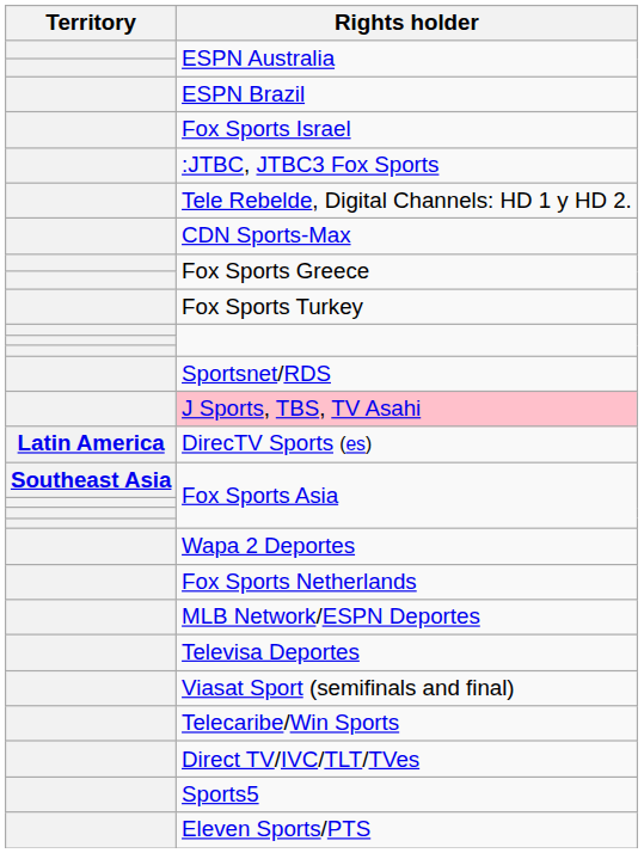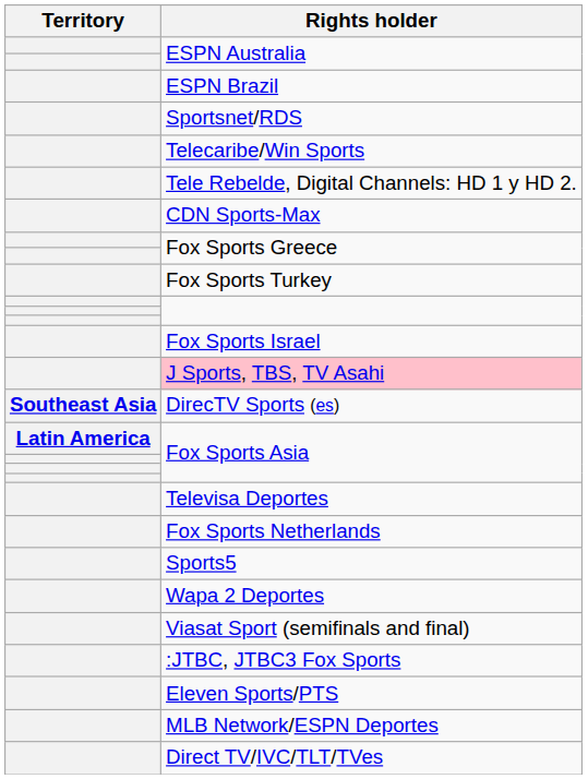 <table class="wikitable plainrowheaders">
 <tr>
 <th scope="col">Territory</th>
 <th scope="col">Rights holder</th>
 </tr>
 <tr>
 <th scope="row"></th>
 <td rowspan="2"><a href='#'>ESPN Australia</a></td>
 </tr>
 <tr>
 <th scope="row"></th>
 </tr>
 <tr>
 <th scope="row"></th>
 <td><a href='#'>ESPN Brazil</a></td>
 </tr>
 <tr>
 <th scope="row"></th>
-<td><a href='#'>Fox Sports Israel</a></td>
+<td><a href='#'>Sportsnet</a>/<a href='#'>RDS</a></td>
 </tr>
 <tr>
 <th scope="row"></th>
-<td><a href='#'>:JTBC</a>, <a href='#'>JTBC3 Fox Sports</a></td>
+<td><a href='#'>Telecaribe</a>/<a href='#'>Win Sports</a></td>
 </tr>
 <tr>
 <th scope="row"></th>
 <td><a href='#'>Tele Rebelde</a>, Digital Channels: HD 1 y HD 2.</td>
 </tr>
 <tr>
 <th scope="row"></th>
 <td><a href='#'>CDN Sports-Max</a></td>
 </tr>
 <tr>
 <th scope="row"></th>
 <td rowspan="2">Fox Sports Greece</td>
 </tr>
 <tr>
 <th scope="row"></th>
 </tr>
 <tr>
 <th scope="row"></th>
 <td>Fox Sports Turkey</td>
 </tr>
 <tr>
 <th scope="row"></th>
 <td rowspan="3"></td>
 </tr>
 <tr>
 <th scope="row"></th>
 </tr>
 <tr>
 <th scope="row"></th>
 </tr>
 <tr>
 <th scope="row"></th>
-<td><a href='#'>Sportsnet</a>/<a href='#'>RDS</a></td>
+<td><a href='#'>Fox Sports Israel</a></td>
 </tr>
 <tr>
 <th scope="row"></th>
 <td style="background: pink;"><a href='#'>J Sports</a>, <a href='#'>TBS</a>, <a href='#'>TV Asahi</a></td>
 </tr>
 <tr>
-<th scope="row"><a href='#'>Latin America</a></th>
+<th scope="row"><a href='#'>Southeast Asia</a></th>
 <td><a href='#'>DirecTV Sports</a> <small>(<a href='#'>es</a>)</small></td>
 </tr>
 <tr>
-<th scope="row"><a href='#'>Southeast Asia</a></th>
+<th scope="row"><a href='#'>Latin America</a></th>
 <td rowspan="4"><a href='#'>Fox Sports Asia</a></td>
 </tr>
 <tr>
 <th scope="row"></th>
 </tr>
 <tr>
 <th scope="row"></th>
 </tr>
 <tr>
 <th scope="row"></th>
 </tr>
 <tr>
 <th scope="row"></th>
-<td><a href='#'>Wapa 2 Deportes</a></td>
+<td><a href='#'>Televisa Deportes</a></td>
 </tr>
 <tr>
 <th scope="row"></th>
 <td><a href='#'>Fox Sports Netherlands</a></td>
 </tr>
 <tr>
 <th scope="row"></th>
-<td><a href='#'>MLB Network</a>/<a href='#'>ESPN Deportes</a></td>
+<td><a href='#'>Sports5</a></td>
 </tr>
 <tr>
 <th scope="row"></th>
-<td><a href='#'>Televisa Deportes</a></td>
+<td><a href='#'>Wapa 2 Deportes</a></td>
 </tr>
 <tr>
 <th scope="row"></th>
 <td><a href='#'>Viasat Sport</a> (semifinals and final)</td>
 </tr>
 <tr>
 <th scope="row"></th>
-<td><a href='#'>Telecaribe</a>/<a href='#'>Win Sports</a></td>
+<td><a href='#'>:JTBC</a>, <a href='#'>JTBC3 Fox Sports</a></td>
+</tr>
+<tr>
+<th scope="row"></th>
+<td><a href='#'>Eleven Sports</a>/<a href='#'>PTS</a></td>
+</tr>
+<tr>
+<th scope="row"></th>
+<td><a href='#'>MLB Network</a>/<a href='#'>ESPN Deportes</a></td>
 </tr>
 <tr>
 <th scope="row"></th>
 <td><a href='#'>Direct TV</a>/<a href='#'>IVC</a>/<a href='#'>TLT</a>/<a href='#'>TVes</a></td>
 </tr>
-<tr>
-<th scope="row"></th>
-<td><a href='#'>Sports5</a></td>
-</tr>
-<tr>
-<th scope="row"></th>
-<td><a href='#'>Eleven Sports</a>/<a href='#'>PTS</a></td>
-</tr>
 </table>
